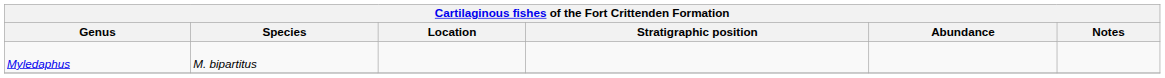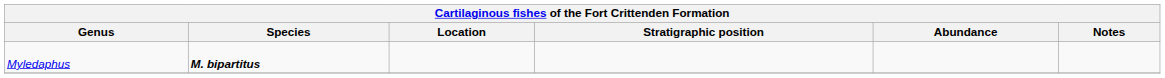 <table class="wikitable" align="center" width="100%">
 <tr>
 <th colspan="7" align="center"><strong><a href='#'>Cartilaginous fishes</a> of the Fort Crittenden Formation</strong></th>
 </tr>
 <tr>
 <th>Genus</th>
 <th>Species</th>
 <th>Location</th>
 <th>Stratigraphic position</th>
 <th>Abundance</th>
 <th>Notes<br></th>
 </tr>
 <tr>
 <td><br><em><a href='#'>Myledaphus</a></em></td>
-<td><br><em>M. bipartitus</em></td>
+<td><strong><br><em>M. bipartitus</em></strong></td>
 <td></td>
 <td></td>
 <td></td>
 <td><br></td>
 </tr>
 <tr>
 </tr>
 </table>
